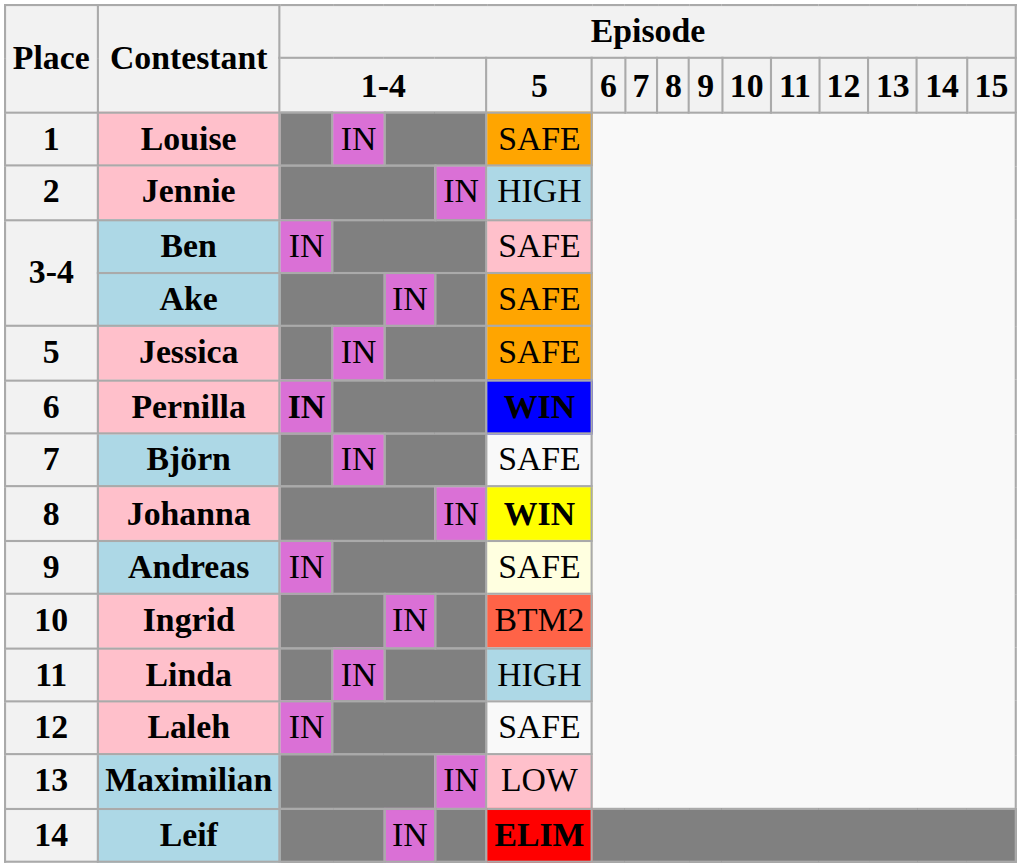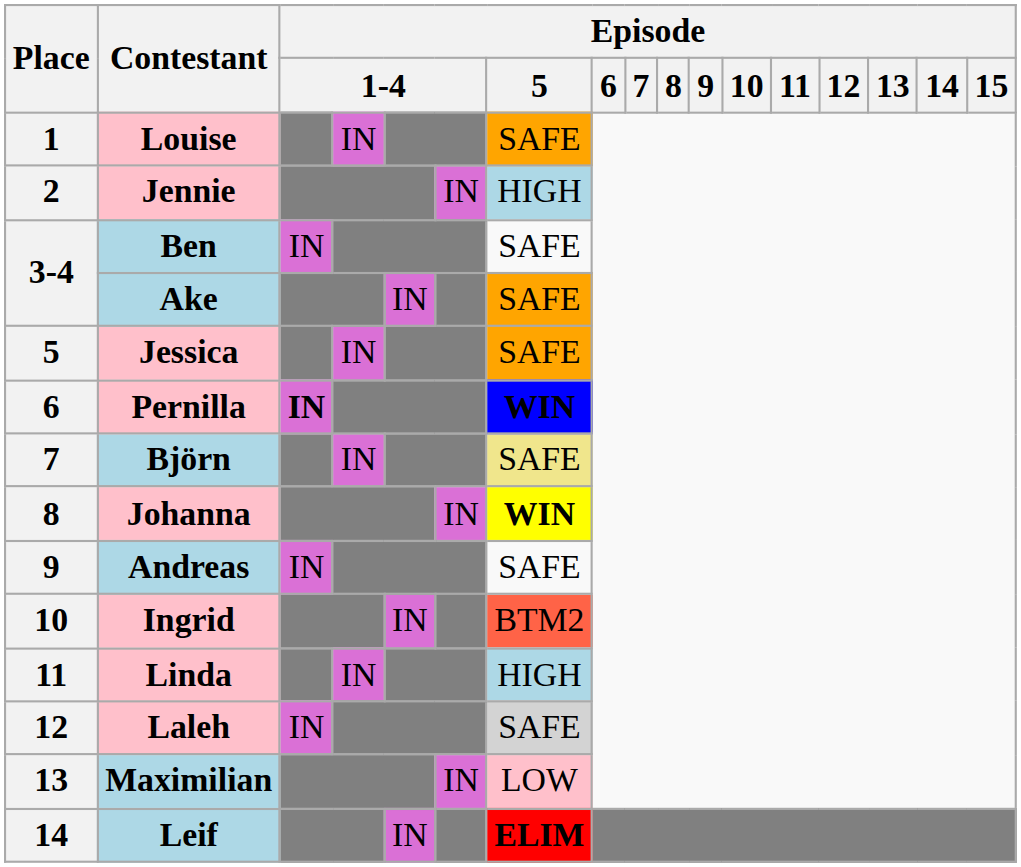 <table class="wikitable" style="text-align: center;">
 <tr>
 <th rowspan=2>Place</th>
 <th rowspan=2>Contestant</th>
 <th colspan=20>Episode</th>
 </tr>
 <tr>
 <th colspan=4>1-4</th>
 <th>5</th>
 <th>6</th>
 <th>7</th>
 <th>8</th>
 <th>9</th>
 <th>10</th>
 <th>11</th>
 <th>12</th>
 <th>13</th>
 <th>14</th>
 <th>15</th>
 </tr>
 <tr>
 <th>1</th>
 <td bgcolor=#ffc0cb><strong>Louise</strong></td>
 <td bgcolor=grey></td>
 <td bgcolor=orchid>IN</td>
 <td colspan=2 bgcolor=grey></td>
 <td bgcolor=orange>SAFE</td>
 </tr>
 <tr>
 <th>2</th>
 <td bgcolor=#ffc0cb><strong>Jennie</strong></td>
 <td colspan=3 bgcolor=grey></td>
 <td bgcolor=orchid>IN</td>
 <td bgcolor=lightblue>HIGH</td>
 </tr>
 <tr>
 <th rowspan=2>3-4</th>
 <td bgcolor=#add8e6><strong>Ben</strong></td>
 <td bgcolor=orchid>IN</td>
 <td colspan=3 bgcolor=grey></td>
-<td style="background: pink;">SAFE</td>
+<td>SAFE</td>
 </tr>
 <tr>
 <td bgcolor=#add8e6><strong>Ake</strong></td>
 <td colspan=2 bgcolor=grey></td>
 <td bgcolor=orchid>IN</td>
 <td bgcolor=grey></td>
 <td bgcolor=orange>SAFE</td>
 </tr>
 <tr>
 <th>5</th>
 <td bgcolor=#ffc0cb><strong>Jessica</strong></td>
 <td bgcolor=grey></td>
 <td bgcolor=orchid>IN</td>
 <td colspan=2 bgcolor=grey></td>
 <td bgcolor=orange>SAFE</td>
 </tr>
 <tr>
 <th>6</th>
 <td bgcolor=#ffc0cb><strong>Pernilla</strong></td>
 <td bgcolor=orchid><strong>IN</strong></td>
 <td colspan=3 bgcolor=grey></td>
 <td bgcolor=blue><span><strong>WIN</strong></span></td>
 </tr>
 <tr>
 <th>7</th>
 <td bgcolor=#add8e6><strong>Björn</strong></td>
 <td bgcolor=grey></td>
 <td bgcolor=orchid>IN</td>
 <td colspan=2 bgcolor=grey></td>
-<td>SAFE</td>
+<td style="background: khaki;">SAFE</td>
 </tr>
 <tr>
 <th>8</th>
 <td bgcolor=#ffc0cb><strong>Johanna</strong></td>
 <td colspan=3 bgcolor=grey></td>
 <td bgcolor=orchid>IN</td>
 <td bgcolor=yellow><strong>WIN</strong></td>
 </tr>
 <tr>
 <th>9</th>
 <td bgcolor=#add8e6><strong>Andreas</strong></td>
 <td bgcolor=orchid>IN</td>
 <td colspan=3 bgcolor=grey></td>
-<td style="background: lightyellow;">SAFE</td>
+<td>SAFE</td>
 </tr>
 <tr>
 <th>10</th>
 <td bgcolor=#ffc0cb><strong>Ingrid</strong></td>
 <td colspan=2 bgcolor=grey></td>
 <td bgcolor=orchid>IN</td>
 <td bgcolor=grey></td>
 <td bgcolor=tomato>BTM2</td>
 </tr>
 <tr>
 <th>11</th>
 <td bgcolor=#ffc0cb><strong>Linda</strong></td>
 <td bgcolor=grey></td>
 <td bgcolor=orchid>IN</td>
 <td colspan=2 bgcolor=grey></td>
 <td bgcolor=lightblue>HIGH</td>
 </tr>
 <tr>
 <th>12</th>
 <td bgcolor=#ffc0cb><strong>Laleh</strong></td>
 <td bgcolor=orchid>IN</td>
 <td colspan=3 bgcolor=grey></td>
-<td>SAFE</td>
+<td style="background: lightgrey;">SAFE</td>
 </tr>
 <tr>
 <th>13</th>
 <td bgcolor=#add8e6><strong>Maximilian</strong></td>
 <td colspan=3 bgcolor=grey></td>
 <td bgcolor=orchid>IN</td>
 <td bgcolor=pink>LOW</td>
 </tr>
 <tr>
 <th>14</th>
 <td bgcolor=#add8e6><strong>Leif</strong></td>
 <td colspan=2 bgcolor=grey></td>
 <td bgcolor=orchid>IN</td>
 <td bgcolor=grey></td>
 <td bgcolor=red><strong>ELIM</strong></td>
 <td bgcolor=grey colspan=20></td>
 </tr>
 </table>
